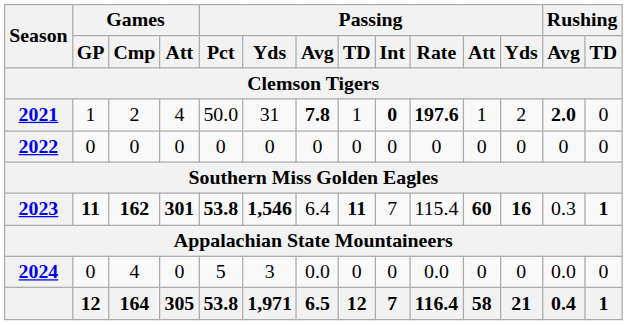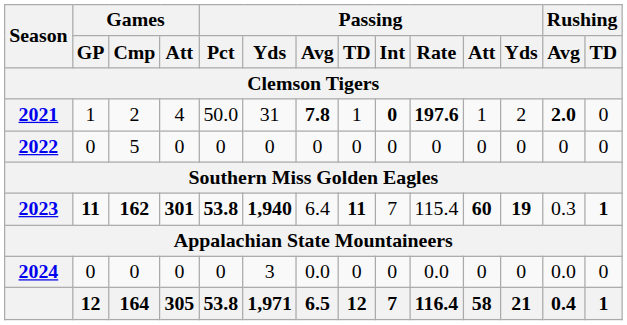 <table class=wikitable style="text-align:center;">
 <tr>
 <th rowspan="2">Season</th>
 <th colspan="3">Games</th>
 <th colspan="8">Passing</th>
 <th colspan="5">Rushing</th>
 </tr>
 <tr>
 <th>GP</th>
 <th>Cmp</th>
 <th>Att</th>
 <th>Pct</th>
 <th>Yds</th>
 <th>Avg</th>
 <th>TD</th>
 <th>Int</th>
 <th>Rate</th>
 <th>Att</th>
 <th>Yds</th>
 <th>Avg</th>
 <th>TD</th>
 </tr>
 <tr>
 <th colspan="16">Clemson Tigers</th>
 </tr>
 <tr>
 <th><a href='#'>2021</a></th>
 <td>1</td>
 <td>2</td>
 <td>4</td>
 <td>50.0</td>
 <td>31</td>
 <td><strong>7.8</strong></td>
 <td>1</td>
 <td><strong>0</strong></td>
 <td><strong>197.6</strong></td>
 <td>1</td>
 <td>2</td>
 <td><strong>2.0</strong></td>
 <td>0</td>
 </tr>
 <tr>
 <th><a href='#'>2022</a></th>
 <td>0</td>
-<td>0</td>
+<td>5</td>
 <td>0</td>
 <td>0</td>
 <td>0</td>
 <td>0</td>
 <td>0</td>
 <td>0</td>
 <td>0</td>
 <td>0</td>
 <td>0</td>
 <td>0</td>
 <td>0</td>
 </tr>
 <tr>
 <th colspan="16">Southern Miss Golden Eagles</th>
 </tr>
 <tr>
 <th><a href='#'>2023</a></th>
 <td><strong>11</strong></td>
 <td><strong>162</strong></td>
 <td><strong>301</strong></td>
 <td><strong>53.8</strong></td>
-<td><strong>1,546</strong></td>
+<td><strong>1,940</strong></td>
 <td>6.4</td>
 <td><strong>11</strong></td>
 <td>7</td>
 <td>115.4</td>
 <td><strong>60</strong></td>
-<td><strong>16</strong></td>
+<td><strong>19</strong></td>
 <td>0.3</td>
 <td><strong>1</strong></td>
 </tr>
 <tr>
 <th colspan="16">Appalachian State Mountaineers</th>
 </tr>
 <tr>
 <th><a href='#'>2024</a></th>
 <td>0</td>
-<td>4</td>
 <td>0</td>
-<td>5</td>
+<td>0</td>
+<td>0</td>
 <td>3</td>
 <td>0.0</td>
 <td>0</td>
 <td>0</td>
 <td>0.0</td>
 <td>0</td>
 <td>0</td>
 <td>0.0</td>
 <td>0</td>
 </tr>
 <tr>
 <th></th>
 <th>12</th>
 <th>164</th>
 <th>305</th>
 <th>53.8</th>
 <th>1,971</th>
 <th>6.5</th>
 <th>12</th>
 <th>7</th>
 <th>116.4</th>
 <th>58</th>
 <th>21</th>
 <th>0.4</th>
 <th>1</th>
 </tr>
 </table>
